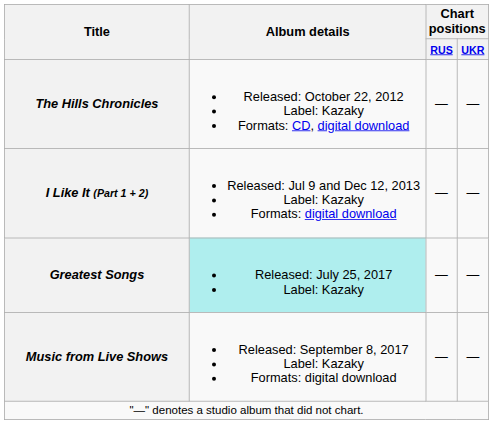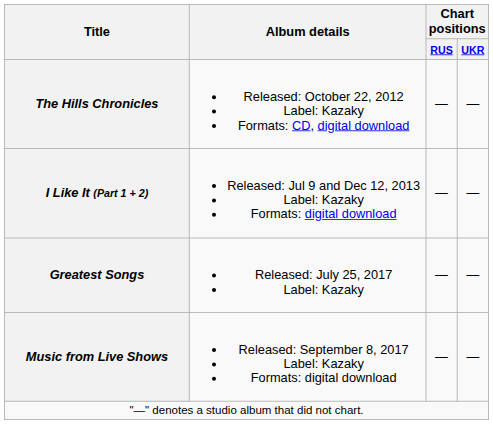 <table class="wikitable plainrowheaders" style="text-align:center;">
 <tr>
 <th scope="col" rowspan="2" style="width:14em;">Title</th>
 <th scope="col" rowspan="2" style="width:18em;">Album details</th>
 <th scope="col" colspan="2">Chart positions</th>
 </tr>
 <tr>
 <th width="30"><small><a href='#'>RUS</a></small></th>
 <th width="30"><small><a href='#'>UKR</a></small></th>
 </tr>
 <tr>
 <th scope="row"><em>The Hills Chronicles</em></th>
 <td><br><ul><li>Released: October 22, 2012</li><li>Label: Kazaky</li><li>Formats: <a href='#'>CD</a>, <a href='#'>digital download</a></li></ul></td>
 <td>—</td>
 <td>—</td>
 </tr>
 <tr>
 <th scope="row"><em>I Like It <small>(Part 1 + 2)</small></em></th>
 <td><br><ul><li>Released: Jul 9 and Dec 12, 2013</li><li>Label: Kazaky</li><li>Formats: <a href='#'>digital download</a></li></ul></td>
 <td>—</td>
 <td>—</td>
 </tr>
 <tr>
 <th scope="row"><em>Greatest Songs</em></th>
-<td style="background: paleturquoise;"><br><ul><li>Released: July 25, 2017</li><li>Label: Kazaky</li></ul></td>
+<td><br><ul><li>Released: July 25, 2017</li><li>Label: Kazaky</li></ul></td>
 <td>—</td>
 <td>—</td>
 </tr>
 <tr>
 <th scope="row"><em>Music from Live Shows</em></th>
 <td><br><ul><li>Released: September 8, 2017</li><li>Label: Kazaky</li><li>Formats: digital download</li></ul></td>
 <td>—</td>
 <td>—</td>
 </tr>
 <tr>
 <td colspan="15" style="font-size:90%">"—" denotes a studio album that did not chart.</td>
 </tr>
 </table>
